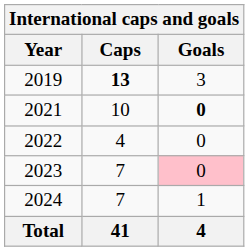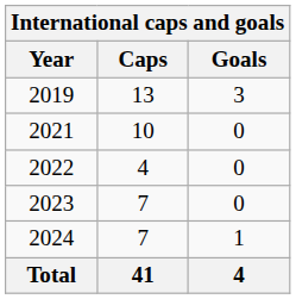 <table class="wikitable sortable" style="text-align:center">
 <tr>
 <th colspan="3">International caps and goals</th>
 </tr>
 <tr>
 <th>Year</th>
 <th>Caps</th>
 <th>Goals</th>
 </tr>
 <tr>
 <td>2019</td>
-<td><strong>13</strong></td>
+<td>13</td>
 <td>3</td>
 </tr>
 <tr>
 <td>2021</td>
 <td>10</td>
-<td><strong>0</strong></td>
+<td>0</td>
 </tr>
 <tr>
 <td>2022</td>
 <td>4</td>
 <td>0</td>
 </tr>
 <tr>
 <td>2023</td>
 <td>7</td>
-<td style="background: pink;">0</td>
+<td>0</td>
 </tr>
 <tr>
 <td>2024</td>
 <td>7</td>
 <td>1</td>
 </tr>
 <tr>
 <th>Total</th>
 <th>41</th>
 <th>4</th>
 </tr>
 </table>
